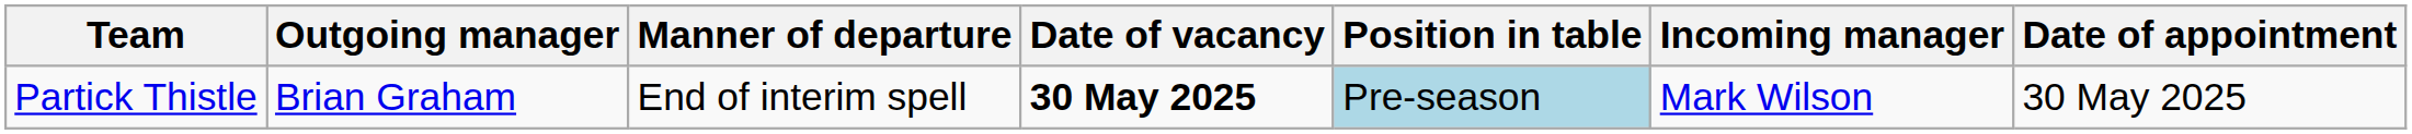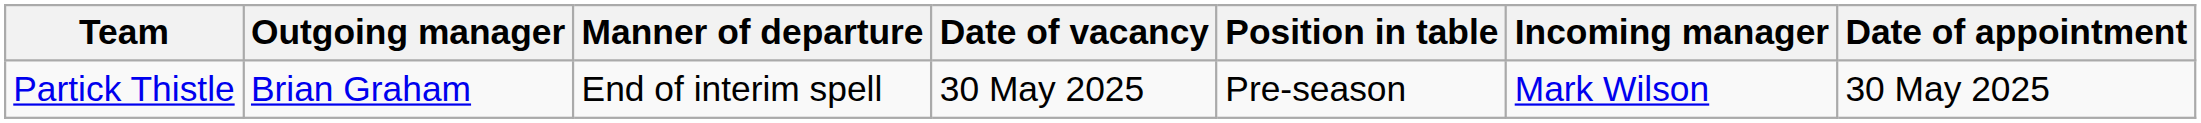 <table class="wikitable sortable">
 <tr>
 <th>Team</th>
 <th>Outgoing manager</th>
 <th>Manner of departure</th>
 <th>Date of vacancy</th>
 <th>Position in table</th>
 <th>Incoming manager</th>
 <th>Date of appointment</th>
 </tr>
 <tr>
 <td rowspan="2"><a href='#'>Partick Thistle</a></td>
 <td> <a href='#'>Brian Graham</a></td>
 <td>End of interim spell</td>
-<td><strong>30 May 2025</strong></td>
-<td style="background: lightblue;">Pre-season</td>
+<td>30 May 2025</td>
+<td>Pre-season</td>
 <td> <a href='#'>Mark Wilson</a></td>
 <td>30 May 2025</td>
 </tr>
 </table>
